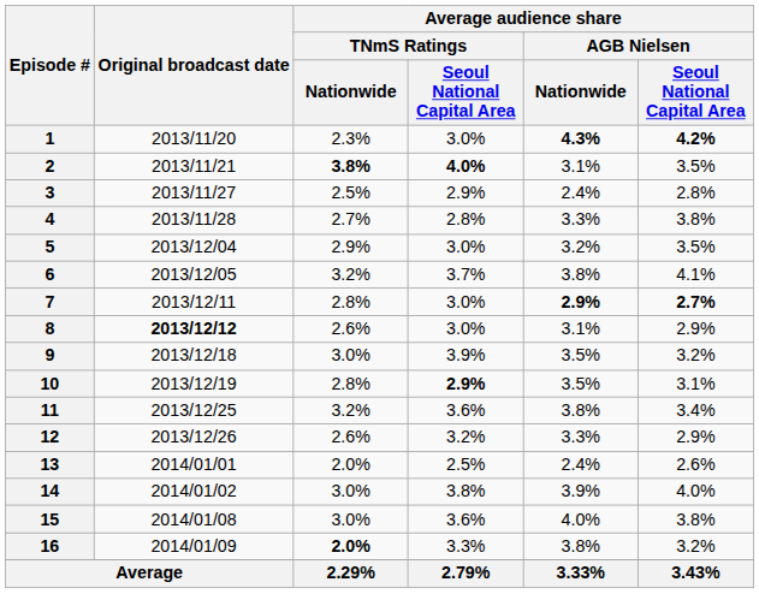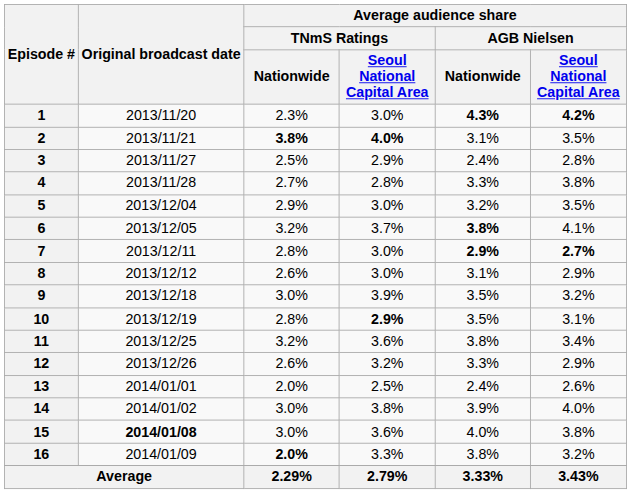 <table class=wikitable style="text-align:center">
 <tr>
 <th rowspan="3">Episode #</th>
 <th rowspan="3">Original broadcast date</th>
 <th colspan="4">Average audience share</th>
 </tr>
 <tr>
 <th colspan="2">TNmS Ratings</th>
 <th colspan="2">AGB Nielsen</th>
 </tr>
 <tr>
 <th width=100>Nationwide</th>
 <th width=100><a href='#'>Seoul National Capital Area</a></th>
 <th width=100>Nationwide</th>
 <th width=100><a href='#'>Seoul National Capital Area</a></th>
 </tr>
 <tr>
 <th>1</th>
 <td>2013/11/20</td>
 <td>2.3%</td>
 <td>3.0%</td>
 <td><span><strong>4.3%</strong></span></td>
 <td><span><strong>4.2%</strong></span></td>
 </tr>
 <tr align=center>
 <th>2</th>
 <td>2013/11/21</td>
 <td><span><strong>3.8%</strong></span></td>
 <td><span><strong>4.0%</strong></span></td>
 <td>3.1%</td>
 <td>3.5%</td>
 </tr>
 <tr align=center>
 <th>3</th>
 <td>2013/11/27</td>
 <td>2.5%</td>
 <td>2.9%</td>
 <td>2.4%</td>
 <td>2.8%</td>
 </tr>
 <tr align=center>
 <th>4</th>
 <td>2013/11/28</td>
 <td>2.7%</td>
 <td>2.8%</td>
 <td>3.3%</td>
 <td>3.8%</td>
 </tr>
 <tr align=center>
 <th>5</th>
 <td>2013/12/04</td>
 <td>2.9%</td>
 <td>3.0%</td>
 <td>3.2%</td>
 <td>3.5%</td>
 </tr>
 <tr align=center>
 <th>6</th>
 <td>2013/12/05</td>
 <td>3.2%</td>
 <td>3.7%</td>
-<td>3.8%</td>
+<td><strong>3.8%</strong></td>
 <td>4.1%</td>
 </tr>
 <tr align=center>
 <th>7</th>
 <td>2013/12/11</td>
 <td>2.8%</td>
 <td>3.0%</td>
 <td><span><strong>2.9%</strong></span></td>
 <td><span><strong>2.7%</strong></span></td>
 </tr>
 <tr align=center>
 <th>8</th>
-<td><strong>2013/12/12</strong></td>
+<td>2013/12/12</td>
 <td>2.6%</td>
 <td>3.0%</td>
 <td>3.1%</td>
 <td>2.9%</td>
 </tr>
 <tr align=center>
 <th>9</th>
 <td>2013/12/18</td>
 <td>3.0%</td>
 <td>3.9%</td>
 <td>3.5%</td>
 <td>3.2%</td>
 </tr>
 <tr align=center>
 <th>10</th>
 <td>2013/12/19</td>
 <td>2.8%</td>
 <td><span><strong>2.9%</strong></span></td>
 <td>3.5%</td>
 <td>3.1%</td>
 </tr>
 <tr align=center>
 <th>11</th>
 <td>2013/12/25</td>
 <td>3.2%</td>
 <td>3.6%</td>
 <td>3.8%</td>
 <td>3.4%</td>
 </tr>
 <tr align=center>
 <th>12</th>
 <td>2013/12/26</td>
 <td>2.6%</td>
 <td>3.2%</td>
 <td>3.3%</td>
 <td>2.9%</td>
 </tr>
 <tr align=center>
 <th>13</th>
 <td>2014/01/01</td>
 <td>2.0%</td>
 <td>2.5%</td>
 <td>2.4%</td>
 <td>2.6%</td>
 </tr>
 <tr align=center>
 <th>14</th>
 <td>2014/01/02</td>
 <td>3.0%</td>
 <td>3.8%</td>
 <td>3.9%</td>
 <td>4.0%</td>
 </tr>
 <tr align=center>
 <th>15</th>
-<td>2014/01/08</td>
+<td><strong>2014/01/08</strong></td>
 <td>3.0%</td>
 <td>3.6%</td>
 <td>4.0%</td>
 <td>3.8%</td>
 </tr>
 <tr align=center>
 <th>16</th>
 <td>2014/01/09</td>
 <td><span><strong>2.0%</strong></span></td>
 <td>3.3%</td>
 <td>3.8%</td>
 <td>3.2%</td>
 </tr>
 <tr align=center>
 </tr>
 <tr>
 <th colspan=2>Average</th>
 <th>2.29%</th>
 <th>2.79%</th>
 <th>3.33%</th>
 <th>3.43%</th>
 </tr>
 </table>
